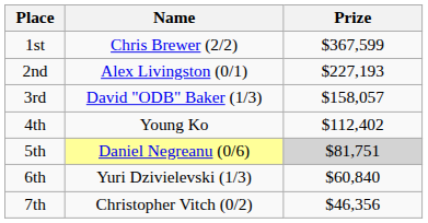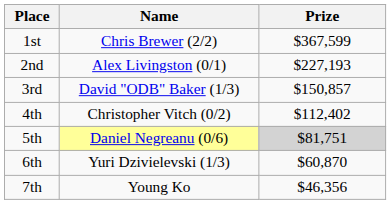 <table class="wikitable">
 <tr>
 <th width="50">Place</th>
 <th width="200">Name</th>
 <th width="125">Prize</th>
 </tr>
 <tr>
 <td align = "center">1st</td>
 <td align = "center"> <a href='#'>Chris Brewer</a> (2/2)</td>
 <td align = "center">$367,599</td>
 </tr>
 <tr>
 <td align = "center">2nd</td>
 <td align = "center"> <a href='#'>Alex Livingston</a> (0/1)</td>
 <td align = "center">$227,193</td>
 </tr>
 <tr>
 <td align = "center">3rd</td>
 <td align = "center"> <a href='#'>David "ODB" Baker</a> (1/3)</td>
-<td align = "center">$158,057</td>
+<td align = "center">$150,857</td>
 </tr>
 <tr>
 <td align = "center">4th</td>
-<td align = "center"> Young Ko</td>
+<td align = "center"> Christopher Vitch (0/2)</td>
 <td align = "center">$112,402</td>
 </tr>
 <tr>
 <td align = "center">5th</td>
 <td align="center" style="background-color:#FFFF99;"> <a href='#'>Daniel Negreanu</a> (0/6)</td>
 <td align = "center" style="background: lightgrey;">$81,751</td>
 </tr>
 <tr>
 <td align = "center">6th</td>
 <td align = "center"> Yuri Dzivielevski (1/3)</td>
-<td align = "center">$60,840</td>
+<td align = "center">$60,870</td>
 </tr>
 <tr>
 <td align = "center">7th</td>
-<td align = "center"> Christopher Vitch (0/2)</td>
+<td align = "center"> Young Ko</td>
 <td align = "center">$46,356</td>
 </tr>
 </table>
